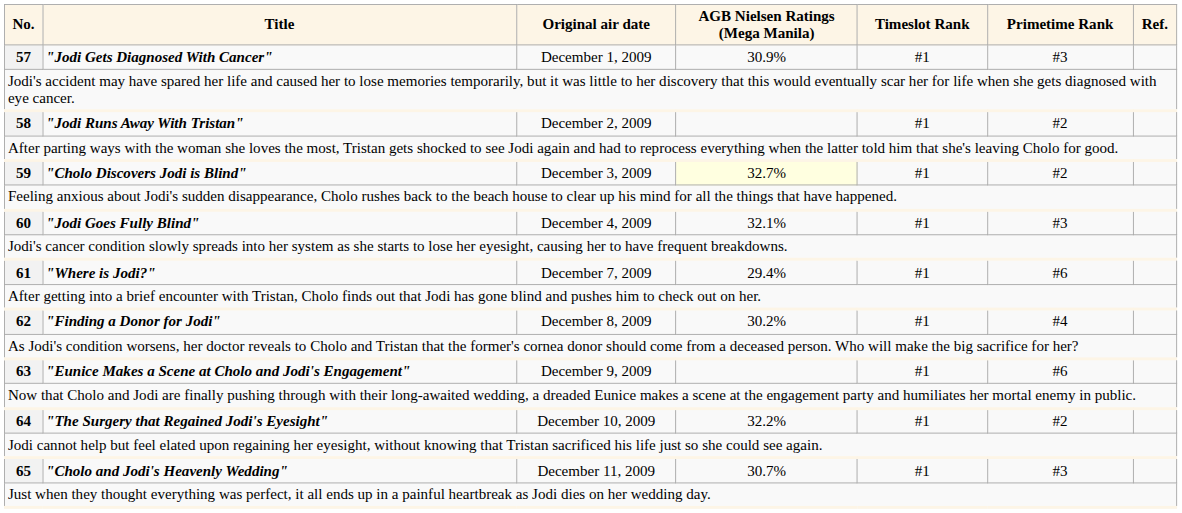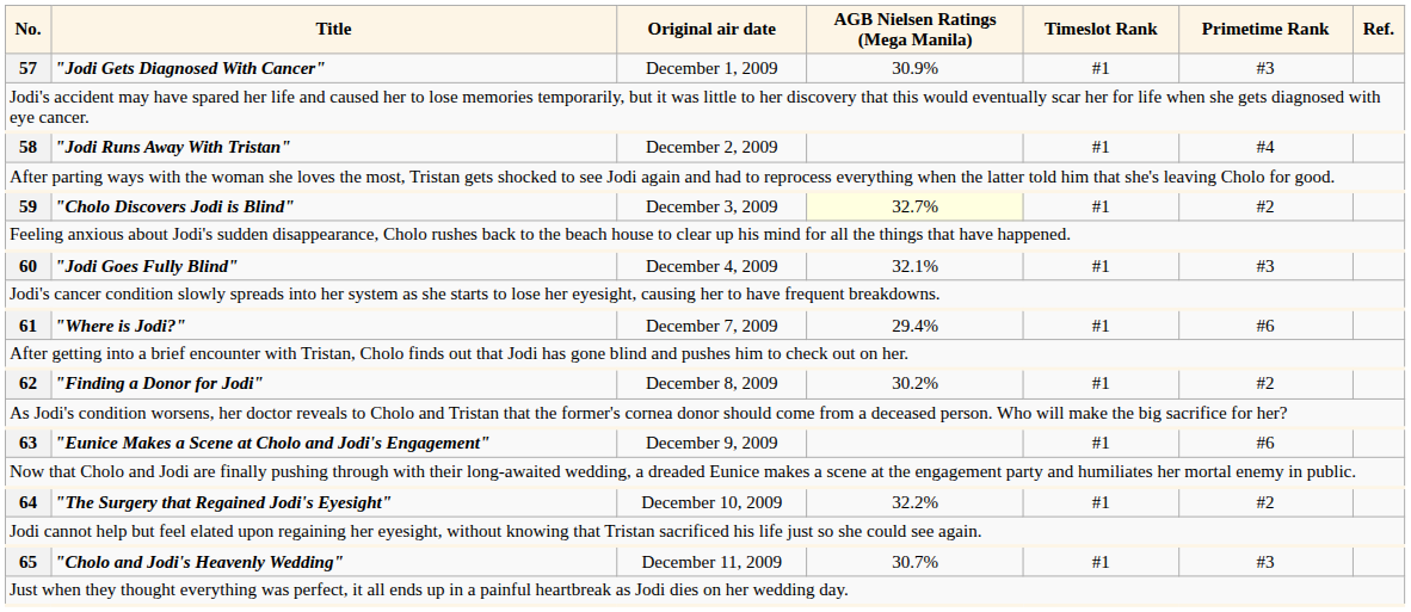 <table class="wikitable" style="text-align:center;">
 <tr>
 <th style="background:#FDF5E6; color:#000000">No.</th>
 <th style="background:#FDF5E6; color:#000000">Title</th>
 <th style="background:#FDF5E6; color:#000000">Original air date</th>
 <th style="background:#FDF5E6; color:#000000">AGB Nielsen Ratings<br>(Mega Manila)</th>
 <th style="background:#FDF5E6; color:#000000">Timeslot Rank</th>
 <th style="background:#FDF5E6; color:#000000">Primetime Rank</th>
 <th style="background:#FDF5E6; color:#000000">Ref.</th>
 </tr>
 <tr>
 <th>57</th>
 <td align="left"><strong><em>"Jodi Gets Diagnosed With Cancer"</em></strong></td>
 <td>December 1, 2009</td>
 <td>30.9%</td>
 <td>#1</td>
 <td>#3</td>
 <td></td>
 </tr>
 <tr>
 <td colspan = "7" style="text-align: left; border-bottom: 3px solid #FDF5E6;">Jodi's accident may have spared her life and caused her to lose memories temporarily, but it was little to her discovery that this would eventually scar her for life when she gets diagnosed with eye cancer.</td>
 </tr>
 <tr>
 <th>58</th>
 <td align="left"><strong><em>"Jodi Runs Away With Tristan"</em></strong></td>
 <td>December 2, 2009</td>
 <td></td>
 <td>#1</td>
-<td>#2</td>
+<td>#4</td>
 <td></td>
 </tr>
 <tr>
 <td colspan = "7" style="text-align: left; border-bottom: 3px solid #FDF5E6;">After parting ways with the woman she loves the most, Tristan gets shocked to see Jodi again and had to reprocess everything when the latter told him that she's leaving Cholo for good.</td>
 </tr>
 <tr>
 <th>59</th>
 <td align="left"><strong><em>"Cholo Discovers Jodi is Blind"</em></strong></td>
 <td>December 3, 2009</td>
 <td style="background: lightyellow;">32.7%</td>
 <td>#1</td>
 <td>#2</td>
 <td></td>
 </tr>
 <tr>
 <td colspan = "7" style="text-align: left; border-bottom: 3px solid #FDF5E6;">Feeling anxious about Jodi's sudden disappearance, Cholo rushes back to the beach house to clear up his mind for all the things that have happened.</td>
 </tr>
 <tr>
 <th>60</th>
 <td align="left"><strong><em>"Jodi Goes Fully Blind"</em></strong></td>
 <td>December 4, 2009</td>
 <td>32.1%</td>
 <td>#1</td>
 <td>#3</td>
 <td></td>
 </tr>
 <tr>
 <td colspan = "7" style="text-align: left; border-bottom: 3px solid #FDF5E6;">Jodi's cancer condition slowly spreads into her system as she starts to lose her eyesight, causing her to have frequent breakdowns.</td>
 </tr>
 <tr>
 <th>61</th>
 <td align="left"><strong><em>"Where is Jodi?"</em></strong></td>
 <td>December 7, 2009</td>
 <td>29.4%</td>
 <td>#1</td>
 <td>#6</td>
 <td></td>
 </tr>
 <tr>
 <td colspan = "7" style="text-align: left; border-bottom: 3px solid #FDF5E6;">After getting into a brief encounter with Tristan, Cholo finds out that Jodi has gone blind and pushes him to check out on her.</td>
 </tr>
 <tr>
 <th>62</th>
 <td align="left"><strong><em>"Finding a Donor for Jodi"</em></strong></td>
 <td>December 8, 2009</td>
 <td>30.2%</td>
 <td>#1</td>
-<td>#4</td>
+<td>#2</td>
 <td></td>
 </tr>
 <tr>
 <td colspan = "7" style="text-align: left; border-bottom: 3px solid #FDF5E6;">As Jodi's condition worsens, her doctor reveals to Cholo and Tristan that the former's cornea donor should come from a deceased person. Who will make the big sacrifice for her?</td>
 </tr>
 <tr>
 <th>63</th>
 <td align="left"><strong><em>"Eunice Makes a Scene at Cholo and Jodi's Engagement"</em></strong></td>
 <td>December 9, 2009</td>
 <td></td>
 <td>#1</td>
 <td>#6</td>
 <td></td>
 </tr>
 <tr>
 <td colspan = "7" style="text-align: left; border-bottom: 3px solid #FDF5E6;">Now that Cholo and Jodi are finally pushing through with their long-awaited wedding, a dreaded Eunice makes a scene at the engagement party and humiliates her mortal enemy in public.</td>
 </tr>
 <tr>
 <th>64</th>
 <td align="left"><strong><em>"The Surgery that Regained Jodi's Eyesight"</em></strong></td>
 <td>December 10, 2009</td>
 <td>32.2%</td>
 <td>#1</td>
 <td>#2</td>
 <td></td>
 </tr>
 <tr>
 <td colspan = "7" style="text-align: left; border-bottom: 3px solid #FDF5E6;">Jodi cannot help but feel elated upon regaining her eyesight, without knowing that Tristan sacrificed his life just so she could see again.</td>
 </tr>
 <tr>
 <th>65</th>
 <td align="left"><strong><em>"Cholo and Jodi's Heavenly Wedding"</em></strong></td>
 <td>December 11, 2009</td>
 <td>30.7%</td>
 <td>#1</td>
 <td>#3</td>
 <td></td>
 </tr>
 <tr>
 <td colspan = "7" style="text-align: left; border-bottom: 3px solid #FDF5E6;">Just when they thought everything was perfect, it all ends up in a painful heartbreak as Jodi dies on her wedding day.</td>
 </tr>
 </table>
